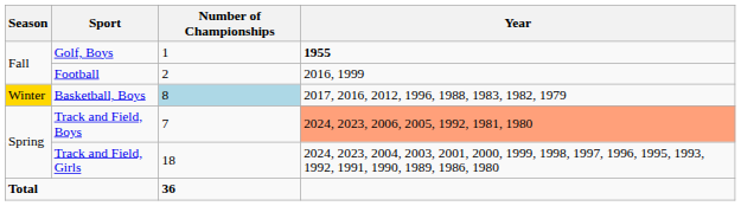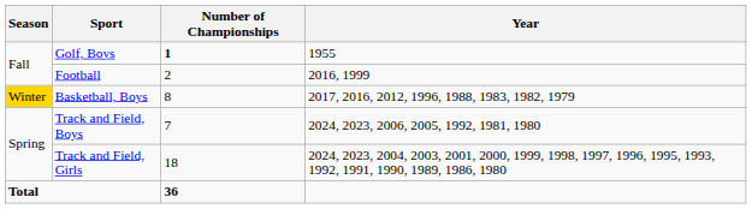 <table class="wikitable sortable">
 <tr>
 <th>Season</th>
 <th>Sport</th>
 <th>Number of Championships</th>
 <th>Year</th>
 </tr>
 <tr>
 <td rowspan="2">Fall</td>
 <td><a href='#'>Golf, Boys</a></td>
-<td>1</td>
-<td><strong>1955</strong></td>
+<td><strong>1</strong></td>
+<td>1955</td>
 </tr>
 <tr>
 <td><a href='#'>Football</a></td>
 <td>2</td>
 <td>2016, 1999</td>
 </tr>
 <tr>
 <td style="background: gold;">Winter</td>
 <td><a href='#'>Basketball, Boys</a></td>
-<td style="background: lightblue;">8</td>
+<td>8</td>
 <td>2017, 2016, 2012, 1996, 1988, 1983, 1982, 1979</td>
 </tr>
 <tr>
 <td rowspan="2">Spring</td>
 <td><a href='#'>Track and Field, Boys</a></td>
 <td>7</td>
-<td style="background: lightsalmon;">2024, 2023, 2006, 2005, 1992, 1981, 1980</td>
+<td>2024, 2023, 2006, 2005, 1992, 1981, 1980</td>
 </tr>
 <tr>
 <td><a href='#'>Track and Field, Girls</a></td>
 <td>18</td>
 <td>2024, 2023, 2004, 2003, 2001, 2000, 1999, 1998, 1997, 1996, 1995, 1993, 1992, 1991, 1990, 1989, 1986, 1980</td>
 </tr>
 <tr>
 <td colspan="2"><strong>Total</strong></td>
 <td><strong>36</strong></td>
 <td></td>
 </tr>
 </table>
